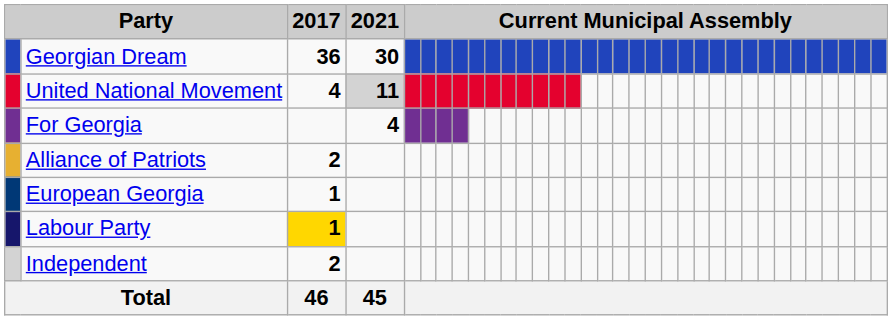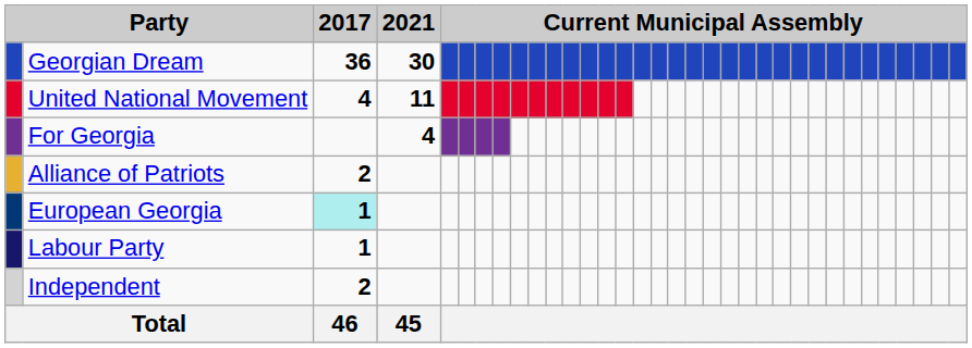 <table class="wikitable">
 <tr>
 <th style="background:#ccc" colspan="2">Party</th>
 <th style="background:#ccc">2017</th>
 <th style="background:#ccc">2021</th>
 <th style="background:#ccc" colspan="45">Current Municipal Assembly</th>
 </tr>
 <tr>
 <td style="background-color: #2044BC"> </td>
 <td><a href='#'>Georgian Dream</a></td>
 <td style="text-align: right"><strong>36</strong></td>
 <td style="text-align: right"><strong>30</strong></td>
 <td style="background-color: #2044BC"> </td>
 <td style="background-color: #2044BC"> </td>
 <td style="background-color: #2044BC"> </td>
 <td style="background-color: #2044BC"> </td>
 <td style="background-color: #2044BC"> </td>
 <td style="background-color: #2044BC"> </td>
 <td style="background-color: #2044BC"> </td>
 <td style="background-color: #2044BC"> </td>
 <td style="background-color: #2044BC"> </td>
 <td style="background-color: #2044BC"> </td>
 <td style="background-color: #2044BC"> </td>
 <td style="background-color: #2044BC"> </td>
 <td style="background-color: #2044BC"> </td>
 <td style="background-color: #2044BC"> </td>
 <td style="background-color: #2044BC"> </td>
 <td style="background-color: #2044BC"> </td>
 <td style="background-color: #2044BC"> </td>
 <td style="background-color: #2044BC"> </td>
 <td style="background-color: #2044BC"> </td>
 <td style="background-color: #2044BC"> </td>
 <td style="background-color: #2044BC"> </td>
 <td style="background-color: #2044BC"> </td>
 <td style="background-color: #2044BC"> </td>
 <td style="background-color: #2044BC"> </td>
 <td style="background-color: #2044BC"> </td>
 <td style="background-color: #2044BC"> </td>
 <td style="background-color: #2044BC"> </td>
 <td style="background-color: #2044BC"> </td>
 <td style="background-color: #2044BC"> </td>
 <td style="background-color: #2044BC"> </td>
 </tr>
 <tr>
 <td style="background-color: #e4012e"> </td>
 <td><a href='#'>United National Movement</a></td>
 <td style="text-align: right"><strong>4</strong></td>
-<td style="background: lightgrey; text-align: right"><strong>11</strong></td>
+<td style="text-align: right"><strong>11</strong></td>
 <td style="background-color: #e4012e"> </td>
 <td style="background-color: #e4012e"> </td>
 <td style="background-color: #e4012e"> </td>
 <td style="background-color: #e4012e"> </td>
 <td style="background-color: #e4012e"> </td>
 <td style="background-color: #e4012e"> </td>
 <td style="background-color: #e4012e"> </td>
 <td style="background-color: #e4012e"> </td>
 <td style="background-color: #e4012e"> </td>
 <td style="background-color: #e4012e"> </td>
 <td style="background-color: #e4012e"> </td>
 <td></td>
 <td></td>
 <td></td>
 <td></td>
 <td></td>
 <td></td>
 <td></td>
 <td></td>
 <td></td>
 <td></td>
 <td></td>
 <td></td>
 <td></td>
 <td></td>
 <td></td>
 <td></td>
 <td></td>
 <td></td>
 <td></td>
 </tr>
 <tr>
 <td style="background-color: #702F92"> </td>
 <td><a href='#'>For Georgia</a></td>
 <td></td>
 <td style="text-align: right"><strong>4</strong></td>
 <td style="background-color: #702F92"> </td>
 <td style="background-color: #702F92"> </td>
 <td style="background-color: #702F92"> </td>
 <td style="background-color: #702F92"> </td>
 <td></td>
 <td></td>
 <td></td>
 <td></td>
 <td></td>
 <td></td>
 <td></td>
 <td></td>
 <td></td>
 <td></td>
 <td></td>
 <td></td>
 <td></td>
 <td></td>
 <td></td>
 <td></td>
 <td></td>
 <td></td>
 <td></td>
 <td></td>
 <td></td>
 <td></td>
 <td></td>
 <td></td>
 <td></td>
 <td></td>
 </tr>
 <tr>
 <td style="background-color: #e7b031"> </td>
 <td><a href='#'>Alliance of Patriots</a></td>
 <td style="text-align: right"><strong>2</strong></td>
 <td></td>
 <td></td>
 <td></td>
 <td></td>
 <td></td>
 <td></td>
 <td></td>
 <td></td>
 <td></td>
 <td></td>
 <td></td>
 <td></td>
 <td></td>
 <td></td>
 <td></td>
 <td></td>
 <td></td>
 <td></td>
 <td></td>
 <td></td>
 <td></td>
 <td></td>
 <td></td>
 <td></td>
 <td></td>
 <td></td>
 <td></td>
 <td></td>
 <td></td>
 <td></td>
 <td></td>
 </tr>
 <tr>
 <td style="background-color: #003876"> </td>
 <td><a href='#'>European Georgia</a></td>
-<td style="text-align: right"><strong>1</strong></td>
+<td style="background: paleturquoise; text-align: right"><strong>1</strong></td>
 <td></td>
 <td></td>
 <td></td>
 <td></td>
 <td></td>
 <td></td>
 <td></td>
 <td></td>
 <td></td>
 <td></td>
 <td></td>
 <td></td>
 <td></td>
 <td></td>
 <td></td>
 <td></td>
 <td></td>
 <td></td>
 <td></td>
 <td></td>
 <td></td>
 <td></td>
 <td></td>
 <td></td>
 <td></td>
 <td></td>
 <td></td>
 <td></td>
 <td></td>
 <td></td>
 <td></td>
 </tr>
 <tr>
 <td style="background-color: #16166b"> </td>
 <td><a href='#'>Labour Party</a></td>
-<td style="background: gold; text-align: right"><strong>1</strong></td>
+<td style="text-align: right"><strong>1</strong></td>
 <td></td>
 <td></td>
 <td></td>
 <td></td>
 <td></td>
 <td></td>
 <td></td>
 <td></td>
 <td></td>
 <td></td>
 <td></td>
 <td></td>
 <td></td>
 <td></td>
 <td></td>
 <td></td>
 <td></td>
 <td></td>
 <td></td>
 <td></td>
 <td></td>
 <td></td>
 <td></td>
 <td></td>
 <td></td>
 <td></td>
 <td></td>
 <td></td>
 <td></td>
 <td></td>
 <td></td>
 </tr>
 <tr>
 <td style="background-color: lightgrey"> </td>
 <td><a href='#'>Independent</a></td>
 <td style="text-align: right"><strong>2</strong></td>
 <td></td>
 <td></td>
 <td></td>
 <td></td>
 <td></td>
 <td></td>
 <td></td>
 <td></td>
 <td></td>
 <td></td>
 <td></td>
 <td></td>
 <td></td>
 <td></td>
 <td></td>
 <td></td>
 <td></td>
 <td></td>
 <td></td>
 <td></td>
 <td></td>
 <td></td>
 <td></td>
 <td></td>
 <td></td>
 <td></td>
 <td></td>
 <td></td>
 <td></td>
 <td></td>
 <td></td>
 </tr>
 <tr>
 <th colspan=2>Total</th>
 <th align=right>46</th>
 <th align=right>45</th>
 <th colspan=45> </th>
 </tr>
 </table>
